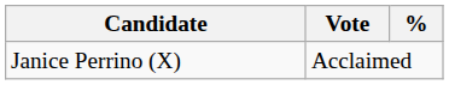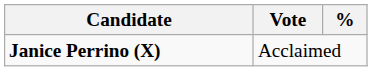 <table class="wikitable">
 <tr>
 <th bgcolor="#DDDDFF" width="200px">Candidate</th>
 <th bgcolor="#DDDDFF" width="50px">Vote</th>
 <th bgcolor="#DDDDFF" width="30px">%</th>
 </tr>
 <tr>
-<td>Janice Perrino (X)</td>
+<td><strong>Janice Perrino (X)</strong></td>
 <td colspan="2">Acclaimed</td>
 </tr>
 </table>
